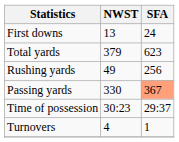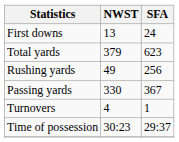 <table class="wikitable" style="float: left;">
 <tr>
 <th>Statistics</th>
 <th>NWST</th>
 <th>SFA</th>
 </tr>
 <tr>
 <td>First downs</td>
 <td>13</td>
 <td>24</td>
 </tr>
 <tr>
 <td>Total yards</td>
 <td>379</td>
 <td>623</td>
 </tr>
 <tr>
 <td>Rushing yards</td>
 <td>49</td>
 <td>256</td>
 </tr>
 <tr>
 <td>Passing yards</td>
 <td>330</td>
-<td style="background: lightsalmon;">367</td>
+<td>367</td>
+</tr>
+<tr>
+<td>Turnovers</td>
+<td>4</td>
+<td>1</td>
 </tr>
 <tr>
 <td>Time of possession</td>
 <td>30:23</td>
 <td>29:37</td>
 </tr>
 <tr>
-<td>Turnovers</td>
-<td>4</td>
-<td>1</td>
-</tr>
-<tr>
 </tr>
 </table>
